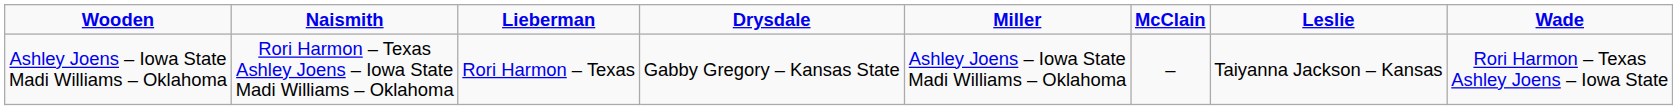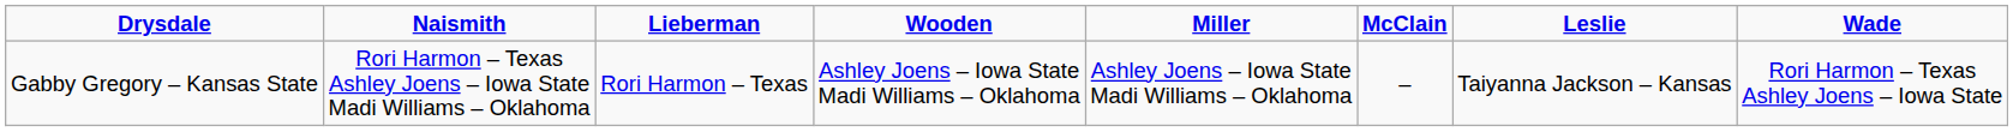 <table class="wikitable" style="white-space:nowrap; font-size:90%; text-align: center;">
 <tr>
-<td><strong><a href='#'>Wooden</a></strong></td>
+<td><strong><a href='#'>Drysdale</a></strong></td>
 <td><strong><a href='#'>Naismith</a></strong></td>
 <td><strong><a href='#'>Lieberman</a></strong></td>
-<td><strong><a href='#'>Drysdale</a></strong></td>
+<td><strong><a href='#'>Wooden</a></strong></td>
 <td><strong><a href='#'>Miller</a></strong></td>
 <td><strong><a href='#'>McClain</a></strong></td>
 <td><strong><a href='#'>Leslie</a></strong></td>
 <td><strong><a href='#'>Wade</a></strong></td>
 </tr>
 <tr>
-<td><a href='#'>Ashley Joens</a> – Iowa State<br>Madi Williams – Oklahoma</td>
+<td>Gabby Gregory – Kansas State</td>
 <td><a href='#'>Rori Harmon</a> – Texas<br><a href='#'>Ashley Joens</a> – Iowa State<br>Madi Williams – Oklahoma</td>
 <td><a href='#'>Rori Harmon</a> – Texas</td>
-<td>Gabby Gregory – Kansas State</td>
+<td><a href='#'>Ashley Joens</a> – Iowa State<br>Madi Williams – Oklahoma</td>
 <td><a href='#'>Ashley Joens</a> – Iowa State<br>Madi Williams – Oklahoma</td>
 <td>–</td>
 <td>Taiyanna Jackson – Kansas</td>
 <td><a href='#'>Rori Harmon</a> – Texas<br><a href='#'>Ashley Joens</a> – Iowa State</td>
 </tr>
 </table>
